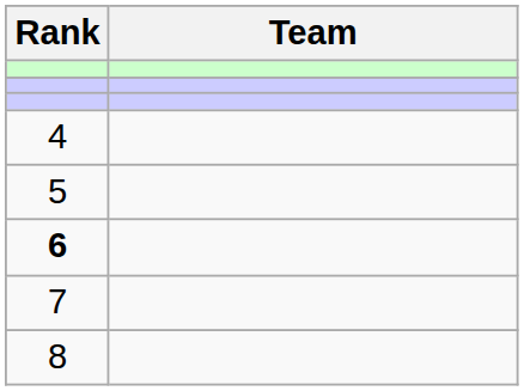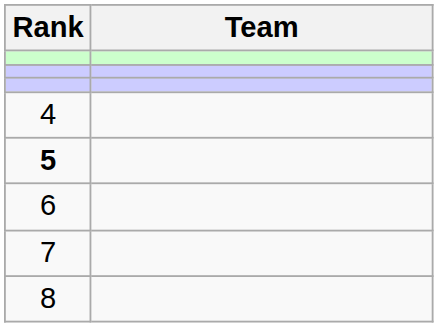 <table class="wikitable" style="text-align: left;">
 <tr>
 <th width=40>Rank</th>
 <th width=180>Team</th>
 </tr>
 <tr bgcolor=ccffcc>
 <td align=center></td>
 <td></td>
 </tr>
 <tr bgcolor=ccccff>
 <td align=center></td>
 <td></td>
 </tr>
 <tr bgcolor=ccccff>
 <td align=center></td>
 <td></td>
 </tr>
 <tr>
 <td align=center>4</td>
 <td></td>
 </tr>
 <tr>
-<td align=center>5</td>
+<td align=center><strong>5</strong></td>
 <td></td>
 </tr>
 <tr>
-<td align=center><strong>6</strong></td>
+<td align=center>6</td>
 <td></td>
 </tr>
 <tr>
 <td align=center>7</td>
 <td></td>
 </tr>
 <tr>
 <td align=center>8</td>
 <td></td>
 </tr>
 </table>
